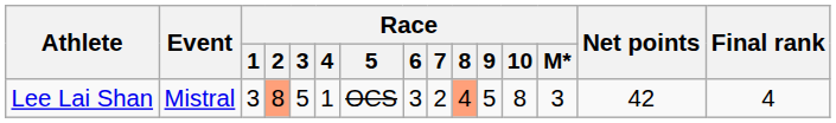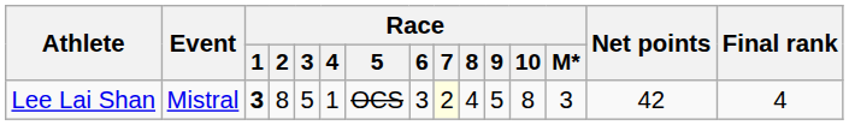 <table class="wikitable" style="font-size:90%">
 <tr>
 <th rowspan=2>Athlete</th>
 <th rowspan=2>Event</th>
 <th colspan=11>Race</th>
 <th rowspan=2>Net points</th>
 <th rowspan=2>Final rank</th>
 </tr>
 <tr style="font-size:95%">
 <th>1</th>
 <th>2</th>
 <th>3</th>
 <th>4</th>
 <th>5</th>
 <th>6</th>
 <th>7</th>
 <th>8</th>
 <th>9</th>
 <th>10</th>
 <th>M*</th>
 </tr>
 <tr align=center>
 <td align=left><a href='#'>Lee Lai Shan</a></td>
 <td align=left><a href='#'>Mistral</a></td>
-<td>3</td>
-<td style="background: lightsalmon;">8</td>
+<td><strong>3</strong></td>
+<td>8</td>
 <td>5</td>
 <td>1</td>
 <td><s>OCS</s></td>
 <td>3</td>
-<td>2</td>
-<td style="background: lightsalmon;">4</td>
+<td style="background: lightyellow;">2</td>
+<td>4</td>
 <td>5</td>
 <td>8</td>
 <td>3</td>
 <td>42</td>
 <td>4</td>
 </tr>
 </table>
